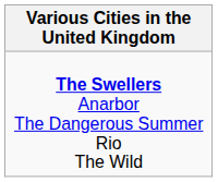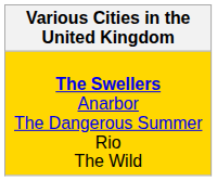 <table class="wikitable">
 <tr>
 <th>Various Cities in the United Kingdom</th>
 </tr>
 <tr>
-<td valign="top" align="center" width=185><br><strong><a href='#'>The Swellers</a></strong> <br><a href='#'>Anarbor</a> <br><a href='#'>The Dangerous Summer</a> <br>Rio <br>The Wild</td>
+<td valign="top" align="center" width=185 style="background: gold;"><br><strong><a href='#'>The Swellers</a></strong> <br><a href='#'>Anarbor</a> <br><a href='#'>The Dangerous Summer</a> <br>Rio <br>The Wild</td>
 </tr>
 </table>
